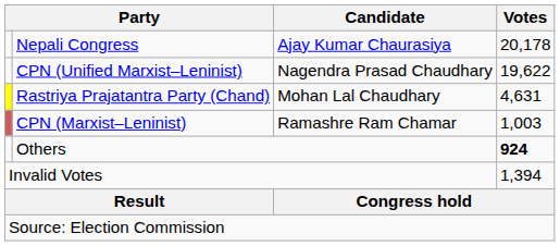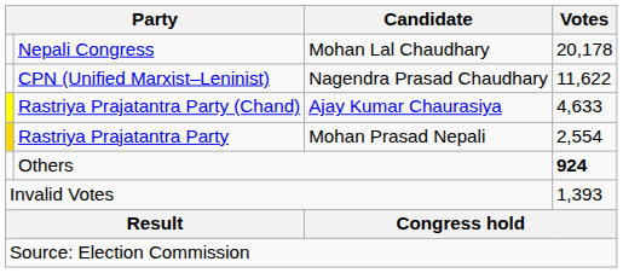 <table class="wikitable">
 <tr>
 <th colspan="2">Party</th>
 <th>Candidate</th>
 <th>Votes</th>
 </tr>
 <tr>
 <td style="background-color:"></td>
 <td><a href='#'>Nepali Congress</a></td>
-<td><a href='#'>Ajay Kumar Chaurasiya</a></td>
+<td>Mohan Lal Chaudhary</td>
 <td>20,178</td>
 </tr>
 <tr>
 <td style="background-color:"></td>
 <td><a href='#'>CPN (Unified Marxist–Leninist)</a></td>
 <td>Nagendra Prasad Chaudhary</td>
-<td>19,622</td>
+<td>11,622</td>
 </tr>
 <tr>
 <td style="background-color:yellow"></td>
 <td><a href='#'>Rastriya Prajatantra Party (Chand)</a></td>
-<td>Mohan Lal Chaudhary</td>
-<td>4,631</td>
+<td><a href='#'>Ajay Kumar Chaurasiya</a></td>
+<td>4,633</td>
 </tr>
 <tr>
-<td style="background-color:indianred"></td>
-<td><a href='#'>CPN (Marxist–Leninist)</a></td>
-<td>Ramashre Ram Chamar</td>
-<td>1,003</td>
+<td style="background-color:gold"></td>
+<td><a href='#'>Rastriya Prajatantra Party</a></td>
+<td>Mohan Prasad Nepali</td>
+<td>2,554</td>
 </tr>
 <tr>
 <td></td>
 <td colspan="2">Others</td>
 <td><strong>924</strong></td>
 </tr>
 <tr>
 <td colspan="3">Invalid Votes</td>
-<td>1,394</td>
+<td>1,393</td>
 </tr>
 <tr>
 <th colspan="2">Result</th>
 <th colspan="2">Congress hold</th>
 </tr>
 <tr>
 <td colspan="4">Source: Election Commission</td>
 </tr>
 </table>
